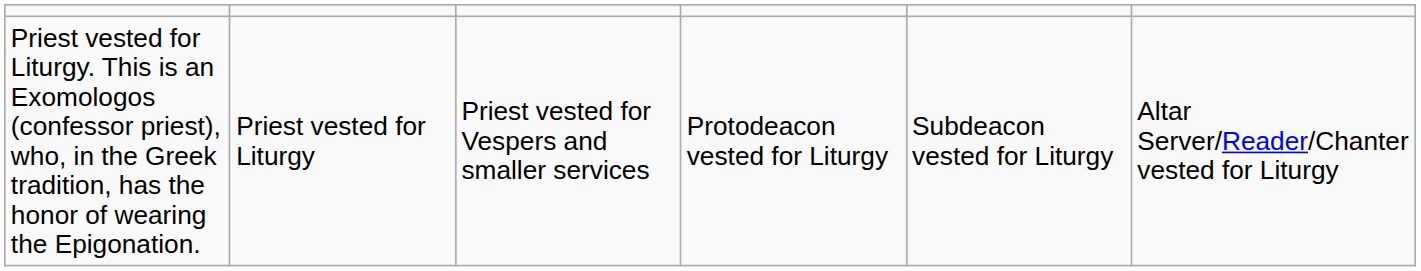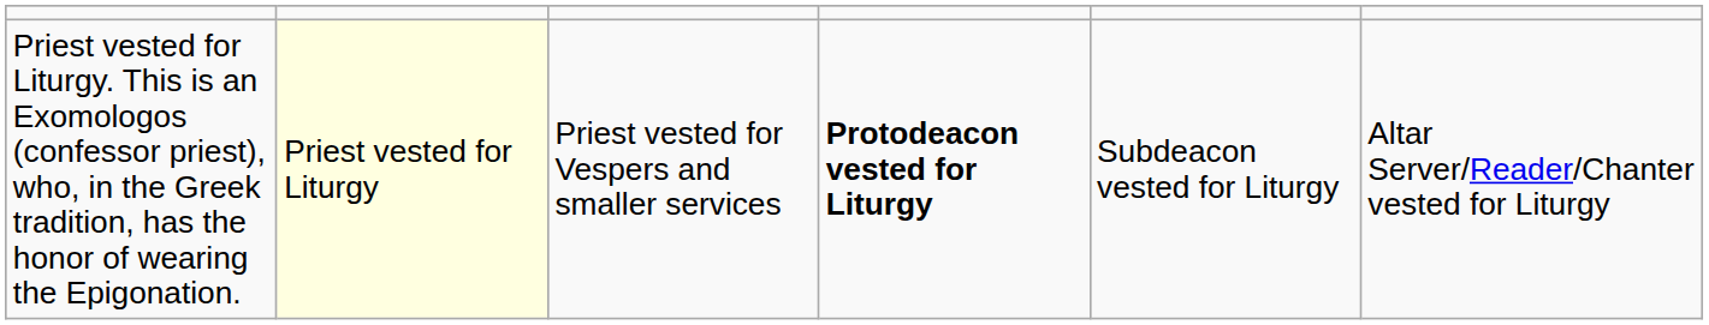 <table class="wikitable">
 <tr>
 <td></td>
 <td></td>
 <td></td>
 <td></td>
 <td></td>
 <td></td>
 </tr>
 <tr>
 <td width=130pt>Priest vested for Liturgy. This is an Exomologos (confessor priest), who, in the Greek tradition, has the honor of wearing the Epigonation.</td>
-<td width=130pt>Priest vested for Liturgy</td>
+<td width=130pt style="background: lightyellow;">Priest vested for Liturgy</td>
 <td width=130pt>Priest vested for Vespers and smaller services</td>
-<td width=130pt>Protodeacon vested for Liturgy</td>
+<td width=130pt><strong>Protodeacon vested for Liturgy</strong></td>
 <td width=130pt>Subdeacon vested for Liturgy</td>
 <td width=130pt>Altar Server/<a href='#'>Reader</a>/Chanter vested for Liturgy</td>
 </tr>
 </table>
